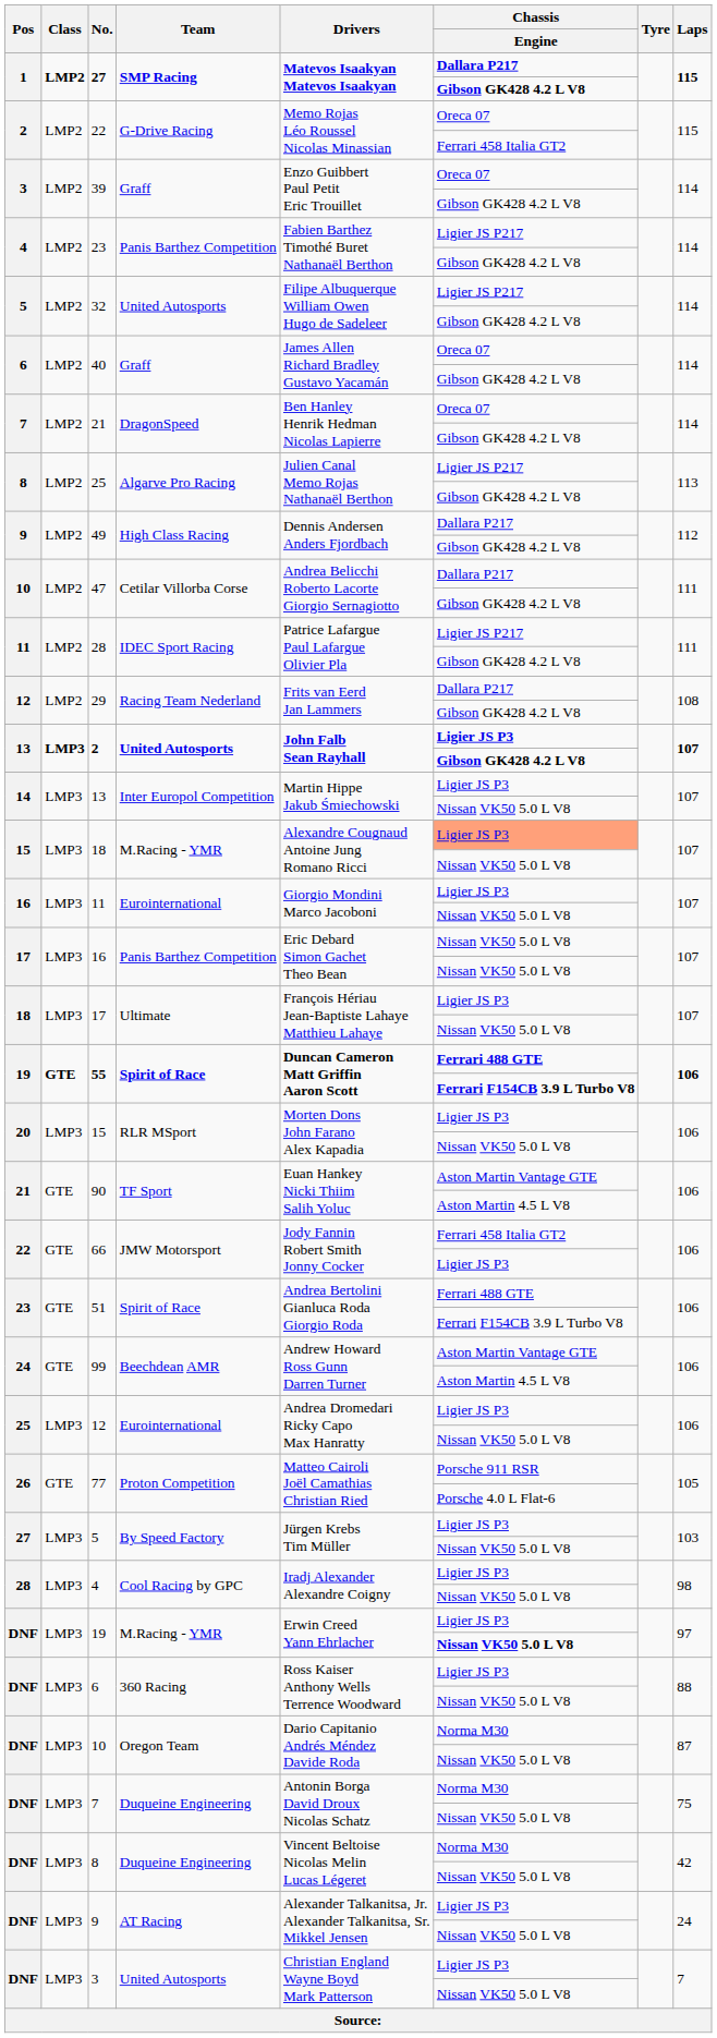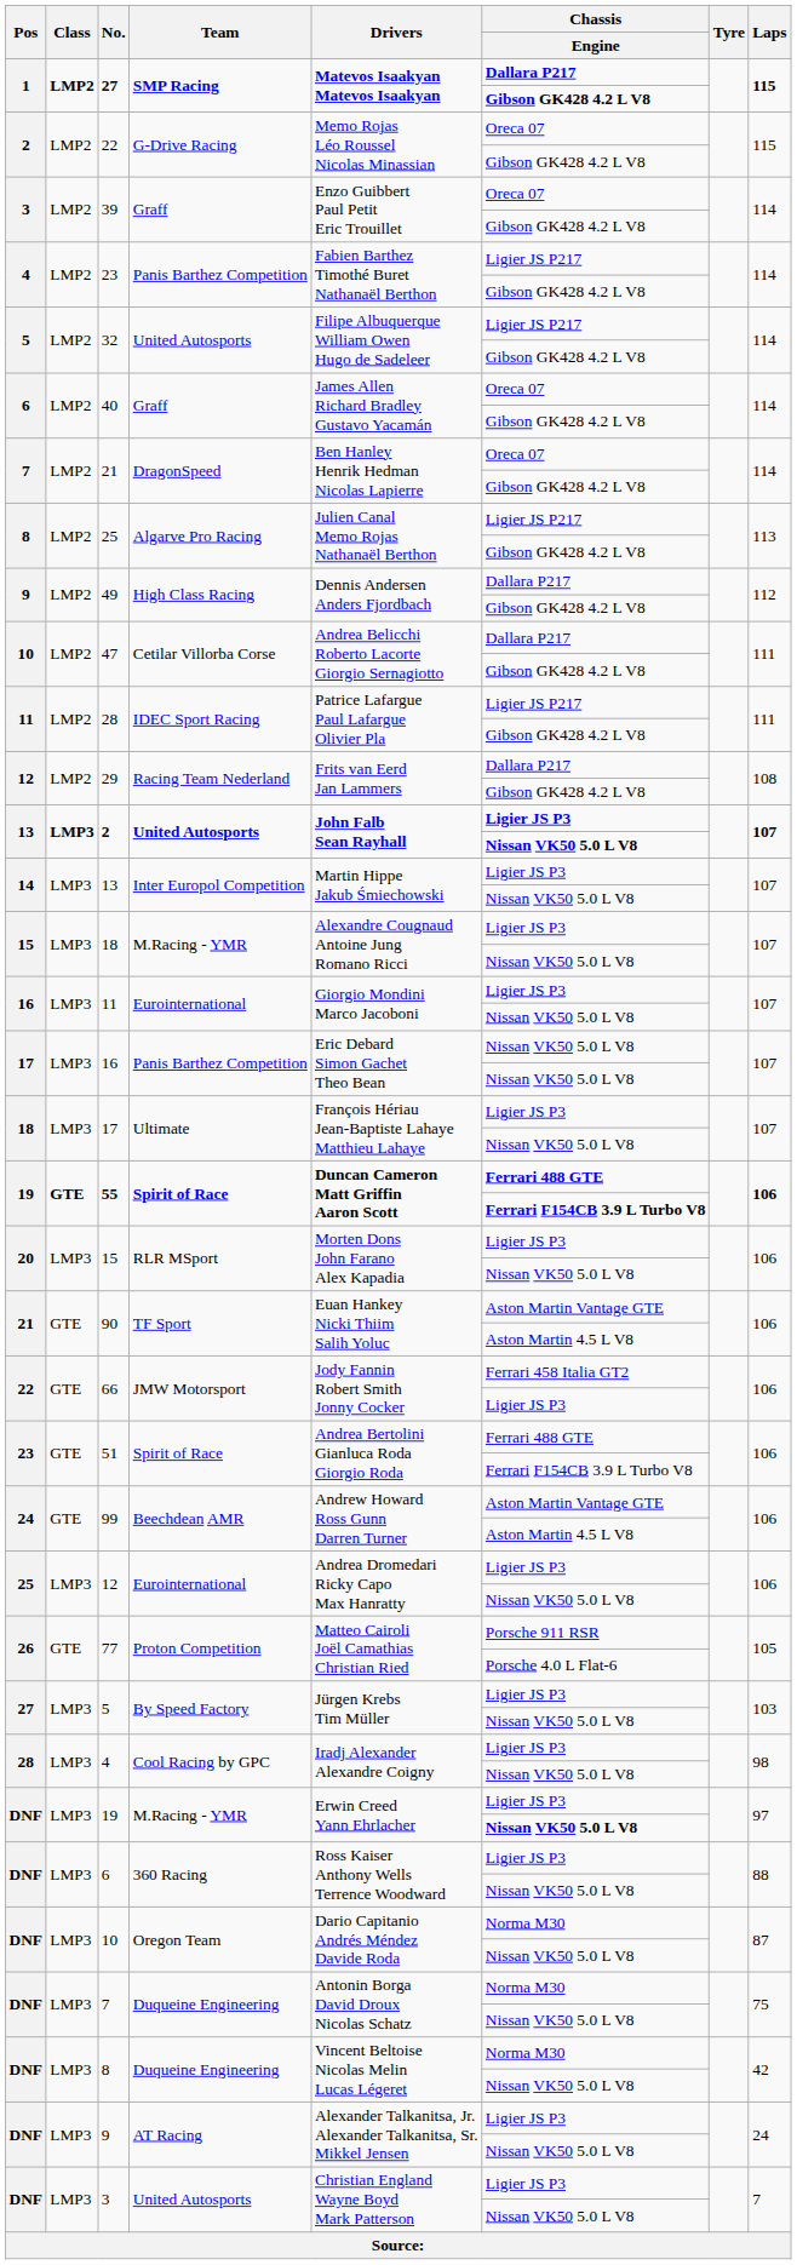 <table class="wikitable" style="font-size: 95%;">
 <tr>
 <th rowspan=2>Pos</th>
 <th rowspan=2>Class</th>
 <th rowspan=2>No.</th>
 <th rowspan=2>Team</th>
 <th rowspan=2>Drivers</th>
 <th>Chassis</th>
 <th rowspan=2>Tyre</th>
 <th rowspan=2>Laps</th>
 </tr>
 <tr>
 <th>Engine</th>
 </tr>
 <tr>
 <th rowspan=2>1</th>
 <td rowspan=2><strong>LMP2</strong></td>
 <td rowspan=2><strong>27</strong></td>
 <td rowspan=2><strong> <a href='#'>SMP Racing</a></strong></td>
 <td rowspan=2><strong> <a href='#'>Matevos Isaakyan</a><br> <a href='#'>Matevos Isaakyan</a></strong></td>
 <td><strong><a href='#'>Dallara P217</a></strong></td>
 <td rowspan=2></td>
 <td rowspan=2><strong>115</strong></td>
 </tr>
 <tr>
 <td><strong><a href='#'>Gibson</a> GK428 4.2 L V8</strong></td>
 </tr>
 <tr>
 <th rowspan=2>2</th>
 <td rowspan=2>LMP2</td>
 <td rowspan=2>22</td>
 <td rowspan=2> <a href='#'>G-Drive Racing</a></td>
 <td rowspan=2> <a href='#'>Memo Rojas</a><br> <a href='#'>Léo Roussel</a><br> <a href='#'>Nicolas Minassian</a></td>
 <td><a href='#'>Oreca 07</a></td>
 <td rowspan=2></td>
 <td rowspan=2>115</td>
 </tr>
 <tr>
-<td><a href='#'>Ferrari 458 Italia GT2</a></td>
+<td><a href='#'>Gibson</a> GK428 4.2 L V8</td>
 </tr>
 <tr>
 <th rowspan=2>3</th>
 <td rowspan=2>LMP2</td>
 <td rowspan=2>39</td>
 <td rowspan=2> <a href='#'>Graff</a></td>
 <td rowspan=2> Enzo Guibbert<br> Paul Petit<br> Eric Trouillet</td>
 <td><a href='#'>Oreca 07</a></td>
 <td rowspan=2></td>
 <td rowspan=2>114</td>
 </tr>
 <tr>
 <td><a href='#'>Gibson</a> GK428 4.2 L V8</td>
 </tr>
 <tr>
 <th rowspan=2>4</th>
 <td rowspan=2>LMP2</td>
 <td rowspan=2>23</td>
 <td rowspan=2> <a href='#'>Panis Barthez Competition</a></td>
 <td rowspan=2> <a href='#'>Fabien Barthez</a><br> Timothé Buret<br> <a href='#'>Nathanaël Berthon</a></td>
 <td><a href='#'>Ligier JS P217</a></td>
 <td rowspan=2></td>
 <td rowspan=2>114</td>
 </tr>
 <tr>
 <td><a href='#'>Gibson</a> GK428 4.2 L V8</td>
 </tr>
 <tr>
 <th rowspan=2>5</th>
 <td rowspan=2>LMP2</td>
 <td rowspan=2>32</td>
 <td rowspan=2> <a href='#'>United Autosports</a></td>
 <td rowspan=2> <a href='#'>Filipe Albuquerque</a><br> <a href='#'>William Owen</a><br> <a href='#'>Hugo de Sadeleer</a></td>
 <td><a href='#'>Ligier JS P217</a></td>
 <td rowspan=2></td>
 <td rowspan=2>114</td>
 </tr>
 <tr>
 <td><a href='#'>Gibson</a> GK428 4.2 L V8</td>
 </tr>
 <tr>
 <th rowspan=2>6</th>
 <td rowspan=2>LMP2</td>
 <td rowspan=2>40</td>
 <td rowspan=2> <a href='#'>Graff</a></td>
 <td rowspan=2> <a href='#'>James Allen</a><br> <a href='#'>Richard Bradley</a><br> <a href='#'>Gustavo Yacamán</a></td>
 <td><a href='#'>Oreca 07</a></td>
 <td rowspan=2></td>
 <td rowspan=2>114</td>
 </tr>
 <tr>
 <td><a href='#'>Gibson</a> GK428 4.2 L V8</td>
 </tr>
 <tr>
 <th rowspan=2>7</th>
 <td rowspan=2>LMP2</td>
 <td rowspan=2>21</td>
 <td rowspan=2> <a href='#'>DragonSpeed</a></td>
 <td rowspan=2> <a href='#'>Ben Hanley</a><br> Henrik Hedman<br> <a href='#'>Nicolas Lapierre</a></td>
 <td><a href='#'>Oreca 07</a></td>
 <td rowspan=2></td>
 <td rowspan=2>114</td>
 </tr>
 <tr>
 <td><a href='#'>Gibson</a> GK428 4.2 L V8</td>
 </tr>
 <tr>
 <th rowspan=2>8</th>
 <td rowspan=2>LMP2</td>
 <td rowspan=2>25</td>
 <td rowspan=2> <a href='#'>Algarve Pro Racing</a></td>
 <td rowspan=2> <a href='#'>Julien Canal</a><br> <a href='#'>Memo Rojas</a><br> <a href='#'>Nathanaël Berthon</a></td>
 <td><a href='#'>Ligier JS P217</a></td>
 <td rowspan=2></td>
 <td rowspan=2>113</td>
 </tr>
 <tr>
 <td><a href='#'>Gibson</a> GK428 4.2 L V8</td>
 </tr>
 <tr>
 <th rowspan=2>9</th>
 <td rowspan=2>LMP2</td>
 <td rowspan=2>49</td>
 <td rowspan=2> <a href='#'>High Class Racing</a></td>
 <td rowspan=2> Dennis Andersen<br> <a href='#'>Anders Fjordbach</a></td>
 <td><a href='#'>Dallara P217</a></td>
 <td rowspan=2></td>
 <td rowspan=2>112</td>
 </tr>
 <tr>
 <td><a href='#'>Gibson</a> GK428 4.2 L V8</td>
 </tr>
 <tr>
 <th rowspan=2>10</th>
 <td rowspan=2>LMP2</td>
 <td rowspan=2>47</td>
 <td rowspan=2> Cetilar Villorba Corse</td>
 <td rowspan=2> <a href='#'>Andrea Belicchi</a><br> <a href='#'>Roberto Lacorte</a><br> <a href='#'>Giorgio Sernagiotto</a></td>
 <td><a href='#'>Dallara P217</a></td>
 <td rowspan=2></td>
 <td rowspan=2>111</td>
 </tr>
 <tr>
 <td><a href='#'>Gibson</a> GK428 4.2 L V8</td>
 </tr>
 <tr>
 <th rowspan=2>11</th>
 <td rowspan=2>LMP2</td>
 <td rowspan=2>28</td>
 <td rowspan=2> <a href='#'>IDEC Sport Racing</a></td>
 <td rowspan=2> Patrice Lafargue<br> <a href='#'>Paul Lafargue</a><br> <a href='#'>Olivier Pla</a></td>
 <td><a href='#'>Ligier JS P217</a></td>
 <td rowspan=2></td>
 <td rowspan=2>111</td>
 </tr>
 <tr>
 <td><a href='#'>Gibson</a> GK428 4.2 L V8</td>
 </tr>
 <tr>
 <th rowspan=2>12</th>
 <td rowspan=2>LMP2</td>
 <td rowspan=2>29</td>
 <td rowspan=2> <a href='#'>Racing Team Nederland</a></td>
 <td rowspan=2> <a href='#'>Frits van Eerd</a><br> <a href='#'>Jan Lammers</a></td>
 <td><a href='#'>Dallara P217</a></td>
 <td rowspan=2></td>
 <td rowspan=2>108</td>
 </tr>
 <tr>
 <td><a href='#'>Gibson</a> GK428 4.2 L V8</td>
 </tr>
 <tr>
 <th rowspan=2>13</th>
 <td rowspan=2><strong>LMP3</strong></td>
 <td rowspan=2><strong>2</strong></td>
 <td rowspan=2><strong> <a href='#'>United Autosports</a></strong></td>
 <td rowspan=2><strong> <a href='#'>John Falb</a><br> <a href='#'>Sean Rayhall</a></strong></td>
 <td><strong><a href='#'>Ligier JS P3</a></strong></td>
 <td rowspan=2></td>
 <td rowspan=2><strong>107</strong></td>
 </tr>
 <tr>
-<td><strong><a href='#'>Gibson</a> GK428 4.2 L V8</strong></td>
+<td><strong><a href='#'>Nissan</a> <a href='#'>VK50</a> 5.0 L V8</strong></td>
 </tr>
 <tr>
 <th rowspan=2>14</th>
 <td rowspan=2>LMP3</td>
 <td rowspan=2>13</td>
 <td rowspan=2> <a href='#'>Inter Europol Competition</a></td>
 <td rowspan=2> Martin Hippe<br> <a href='#'>Jakub Śmiechowski</a></td>
 <td><a href='#'>Ligier JS P3</a></td>
 <td rowspan=2></td>
 <td rowspan=2>107</td>
 </tr>
 <tr>
 <td><a href='#'>Nissan</a> <a href='#'>VK50</a> 5.0 L V8</td>
 </tr>
 <tr>
 <th rowspan=2>15</th>
 <td rowspan=2>LMP3</td>
 <td rowspan=2>18</td>
 <td rowspan=2> M.Racing - <a href='#'>YMR</a></td>
 <td rowspan=2> <a href='#'>Alexandre Cougnaud</a><br> Antoine Jung<br> Romano Ricci</td>
-<td style="background: lightsalmon;"><a href='#'>Ligier JS P3</a></td>
+<td><a href='#'>Ligier JS P3</a></td>
 <td rowspan=2></td>
 <td rowspan=2>107</td>
 </tr>
 <tr>
 <td><a href='#'>Nissan</a> <a href='#'>VK50</a> 5.0 L V8</td>
 </tr>
 <tr>
 <th rowspan=2>16</th>
 <td rowspan=2>LMP3</td>
 <td rowspan=2>11</td>
 <td rowspan=2> <a href='#'>Eurointernational</a></td>
 <td rowspan=2> <a href='#'>Giorgio Mondini</a><br> Marco Jacoboni</td>
 <td><a href='#'>Ligier JS P3</a></td>
 <td rowspan=2></td>
 <td rowspan=2>107</td>
 </tr>
 <tr>
 <td><a href='#'>Nissan</a> <a href='#'>VK50</a> 5.0 L V8</td>
 </tr>
 <tr>
 <th rowspan=2>17</th>
 <td rowspan=2>LMP3</td>
 <td rowspan=2>16</td>
 <td rowspan=2> <a href='#'>Panis Barthez Competition</a></td>
 <td rowspan=2> Eric Debard<br> <a href='#'>Simon Gachet</a><br> Theo Bean</td>
 <td><a href='#'>Nissan</a> <a href='#'>VK50</a> 5.0 L V8</td>
 <td rowspan=2></td>
 <td rowspan=2>107</td>
 </tr>
 <tr>
 <td><a href='#'>Nissan</a> <a href='#'>VK50</a> 5.0 L V8</td>
 </tr>
 <tr>
 <th rowspan=2>18</th>
 <td rowspan=2>LMP3</td>
 <td rowspan=2>17</td>
 <td rowspan=2> Ultimate</td>
 <td rowspan=2> François Hériau<br> Jean-Baptiste Lahaye<br> <a href='#'>Matthieu Lahaye</a></td>
 <td><a href='#'>Ligier JS P3</a></td>
 <td rowspan=2></td>
 <td rowspan=2>107</td>
 </tr>
 <tr>
 <td><a href='#'>Nissan</a> <a href='#'>VK50</a> 5.0 L V8</td>
 </tr>
 <tr>
 <th rowspan=2>19</th>
 <td rowspan=2><strong>GTE</strong></td>
 <td rowspan=2><strong>55</strong></td>
 <td rowspan=2><strong> <a href='#'>Spirit of Race</a></strong></td>
 <td rowspan=2><strong> Duncan Cameron<br> Matt Griffin<br> Aaron Scott</strong></td>
 <td><strong><a href='#'>Ferrari 488 GTE</a></strong></td>
 <td rowspan=2></td>
 <td rowspan=2><strong>106</strong></td>
 </tr>
 <tr>
 <td><strong><a href='#'>Ferrari</a> <a href='#'>F154CB</a> 3.9 L Turbo V8</strong></td>
 </tr>
 <tr>
 <th rowspan=2>20</th>
 <td rowspan=2>LMP3</td>
 <td rowspan=2>15</td>
 <td rowspan=2> RLR MSport</td>
 <td rowspan=2> <a href='#'>Morten Dons</a><br> <a href='#'>John Farano</a><br> Alex Kapadia</td>
 <td><a href='#'>Ligier JS P3</a></td>
 <td rowspan=2></td>
 <td rowspan=2>106</td>
 </tr>
 <tr>
 <td><a href='#'>Nissan</a> <a href='#'>VK50</a> 5.0 L V8</td>
 </tr>
 <tr>
 <th rowspan=2>21</th>
 <td rowspan=2>GTE</td>
 <td rowspan=2>90</td>
 <td rowspan=2> <a href='#'>TF Sport</a></td>
 <td rowspan=2> Euan Hankey<br> <a href='#'>Nicki Thiim</a><br> <a href='#'>Salih Yoluc</a></td>
 <td><a href='#'>Aston Martin Vantage GTE</a></td>
 <td rowspan=2></td>
 <td rowspan=2>106</td>
 </tr>
 <tr>
 <td><a href='#'>Aston Martin</a> 4.5 L V8</td>
 </tr>
 <tr>
 <th rowspan=2>22</th>
 <td rowspan=2>GTE</td>
 <td rowspan=2>66</td>
 <td rowspan=2> JMW Motorsport</td>
 <td rowspan=2> <a href='#'>Jody Fannin</a><br> Robert Smith<br> <a href='#'>Jonny Cocker</a></td>
 <td><a href='#'>Ferrari 458 Italia GT2</a></td>
 <td rowspan=2></td>
 <td rowspan=2>106</td>
 </tr>
 <tr>
 <td><a href='#'>Ligier JS P3</a></td>
 </tr>
 <tr>
 <th rowspan=2>23</th>
 <td rowspan=2>GTE</td>
 <td rowspan=2>51</td>
 <td rowspan=2> <a href='#'>Spirit of Race</a></td>
 <td rowspan=2> <a href='#'>Andrea Bertolini</a><br> Gianluca Roda<br> <a href='#'>Giorgio Roda</a></td>
 <td><a href='#'>Ferrari 488 GTE</a></td>
 <td rowspan=2></td>
 <td rowspan=2>106</td>
 </tr>
 <tr>
 <td><a href='#'>Ferrari</a> <a href='#'>F154CB</a> 3.9 L Turbo V8</td>
 </tr>
 <tr>
 <th rowspan=2>24</th>
 <td rowspan=2>GTE</td>
 <td rowspan=2>99</td>
 <td rowspan=2> <a href='#'>Beechdean</a> <a href='#'>AMR</a></td>
 <td rowspan=2> Andrew Howard<br> <a href='#'>Ross Gunn</a><br> <a href='#'>Darren Turner</a></td>
 <td><a href='#'>Aston Martin Vantage GTE</a></td>
 <td rowspan=2></td>
 <td rowspan=2>106</td>
 </tr>
 <tr>
 <td><a href='#'>Aston Martin</a> 4.5 L V8</td>
 </tr>
 <tr>
 <th rowspan=2>25</th>
 <td rowspan=2>LMP3</td>
 <td rowspan=2>12</td>
 <td rowspan=2> <a href='#'>Eurointernational</a></td>
 <td rowspan=2> Andrea Dromedari<br> Ricky Capo<br> Max Hanratty</td>
 <td><a href='#'>Ligier JS P3</a></td>
 <td rowspan=2></td>
 <td rowspan=2>106</td>
 </tr>
 <tr>
 <td><a href='#'>Nissan</a> <a href='#'>VK50</a> 5.0 L V8</td>
 </tr>
 <tr>
 <th rowspan="2">26</th>
 <td rowspan="2">GTE</td>
 <td rowspan="2">77</td>
 <td rowspan="2"> <a href='#'>Proton Competition</a></td>
 <td rowspan="2"> <a href='#'>Matteo Cairoli</a><br> <a href='#'>Joël Camathias</a><br> <a href='#'>Christian Ried</a></td>
 <td><a href='#'>Porsche 911 RSR</a></td>
 <td rowspan="2"></td>
 <td rowspan="2">105</td>
 </tr>
 <tr>
 <td><a href='#'>Porsche</a> 4.0 L Flat-6</td>
 </tr>
 <tr>
 <th rowspan="2">27</th>
 <td rowspan="2">LMP3</td>
 <td rowspan="2">5</td>
 <td rowspan="2"> <a href='#'>By Speed Factory</a></td>
 <td rowspan="2"> Jürgen Krebs<br> Tim Müller</td>
 <td><a href='#'>Ligier JS P3</a></td>
 <td rowspan="2"></td>
 <td rowspan="2">103</td>
 </tr>
 <tr>
 <td><a href='#'>Nissan</a> <a href='#'>VK50</a> 5.0 L V8</td>
 </tr>
 <tr>
 <th rowspan="2">28</th>
 <td rowspan="2">LMP3</td>
 <td rowspan="2">4</td>
 <td rowspan="2"> <a href='#'>Cool Racing</a> by GPC</td>
 <td rowspan="2"> <a href='#'>Iradj Alexander</a><br> Alexandre Coigny</td>
 <td><a href='#'>Ligier JS P3</a></td>
 <td rowspan="2"></td>
 <td rowspan="2">98</td>
 </tr>
 <tr>
 <td><a href='#'>Nissan</a> <a href='#'>VK50</a> 5.0 L V8</td>
 </tr>
 <tr>
 <th rowspan="2">DNF</th>
 <td rowspan="2">LMP3</td>
 <td rowspan="2">19</td>
 <td rowspan="2"> M.Racing - <a href='#'>YMR</a></td>
 <td rowspan="2"> Erwin Creed<br> <a href='#'>Yann Ehrlacher</a></td>
 <td><a href='#'>Ligier JS P3</a></td>
 <td rowspan="2"></td>
 <td rowspan="2">97</td>
 </tr>
 <tr>
 <td><strong><a href='#'>Nissan</a> <a href='#'>VK50</a> 5.0 L V8</strong></td>
 </tr>
 <tr>
 <th rowspan="2">DNF</th>
 <td rowspan="2">LMP3</td>
 <td rowspan="2">6</td>
 <td rowspan="2"> 360 Racing</td>
 <td rowspan="2"> Ross Kaiser<br> Anthony Wells<br> Terrence Woodward</td>
 <td><a href='#'>Ligier JS P3</a></td>
 <td rowspan="2"></td>
 <td rowspan="2">88</td>
 </tr>
 <tr>
 <td><a href='#'>Nissan</a> <a href='#'>VK50</a> 5.0 L V8</td>
 </tr>
 <tr>
 <th rowspan="2">DNF</th>
 <td rowspan="2">LMP3</td>
 <td rowspan="2">10</td>
 <td rowspan="2"> Oregon Team</td>
 <td rowspan="2"> Dario Capitanio<br> <a href='#'>Andrés Méndez</a><br> <a href='#'>Davide Roda</a></td>
 <td><a href='#'>Norma M30</a></td>
 <td rowspan="2"></td>
 <td rowspan="2">87</td>
 </tr>
 <tr>
 <td><a href='#'>Nissan</a> <a href='#'>VK50</a> 5.0 L V8</td>
 </tr>
 <tr>
 <th rowspan="2">DNF</th>
 <td rowspan="2">LMP3</td>
 <td rowspan="2">7</td>
 <td rowspan="2"> <a href='#'>Duqueine Engineering</a></td>
 <td rowspan="2"> Antonin Borga<br> <a href='#'>David Droux</a><br> Nicolas Schatz</td>
 <td><a href='#'>Norma M30</a></td>
 <td rowspan="2"></td>
 <td rowspan="2">75</td>
 </tr>
 <tr>
 <td><a href='#'>Nissan</a> <a href='#'>VK50</a> 5.0 L V8</td>
 </tr>
 <tr>
 <th rowspan="2">DNF</th>
 <td rowspan="2">LMP3</td>
 <td rowspan="2">8</td>
 <td rowspan="2"> <a href='#'>Duqueine Engineering</a></td>
 <td rowspan="2"> Vincent Beltoise<br> Nicolas Melin<br> <a href='#'>Lucas Légeret</a></td>
 <td><a href='#'>Norma M30</a></td>
 <td rowspan="2"></td>
 <td rowspan="2">42</td>
 </tr>
 <tr>
 <td><a href='#'>Nissan</a> <a href='#'>VK50</a> 5.0 L V8</td>
 </tr>
 <tr>
 <th rowspan="2">DNF</th>
 <td rowspan="2">LMP3</td>
 <td rowspan="2">9</td>
 <td rowspan="2"> <a href='#'>AT Racing</a></td>
 <td rowspan="2"> Alexander Talkanitsa, Jr.<br> Alexander Talkanitsa, Sr.<br> <a href='#'>Mikkel Jensen</a></td>
 <td><a href='#'>Ligier JS P3</a></td>
 <td rowspan="2"></td>
 <td rowspan="2">24</td>
 </tr>
 <tr>
 <td><a href='#'>Nissan</a> <a href='#'>VK50</a> 5.0 L V8</td>
 </tr>
 <tr>
 <th rowspan="2">DNF</th>
 <td rowspan="2">LMP3</td>
 <td rowspan="2">3</td>
 <td rowspan="2"> <a href='#'>United Autosports</a></td>
 <td rowspan="2"> <a href='#'>Christian England</a><br> <a href='#'>Wayne Boyd</a><br> <a href='#'>Mark Patterson</a></td>
 <td><a href='#'>Ligier JS P3</a></td>
 <td rowspan="2"></td>
 <td rowspan="2">7</td>
 </tr>
 <tr>
 <td><a href='#'>Nissan</a> <a href='#'>VK50</a> 5.0 L V8</td>
 </tr>
 <tr>
 <th colspan="8">Source:</th>
 </tr>
 </table>
